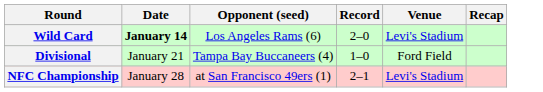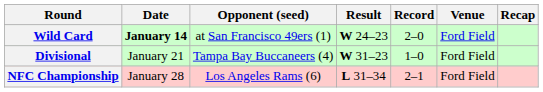 <table class="wikitable" style="text-align:center">
 <tr>
 <th>Round</th>
 <th>Date</th>
 <th>Opponent (seed)</th>
+<th>Result</th>
 <th>Record</th>
 <th>Venue</th>
 <th>Recap</th>
 </tr>
 <tr style="background:#cfc">
 <th><a href='#'>Wild Card</a></th>
 <td><strong>January 14</strong></td>
-<td><a href='#'>Los Angeles Rams</a> (6)</td>
+<td>at <a href='#'>San Francisco 49ers</a> (1)</td>
+<td><strong>W</strong> 24–23</td>
 <td>2–0</td>
-<td><a href='#'>Levi's Stadium</a></td>
+<td><a href='#'>Ford Field</a></td>
 <td></td>
 </tr>
 <tr style="background:#cfc">
 <th><a href='#'>Divisional</a></th>
 <td>January 21</td>
 <td><a href='#'>Tampa Bay Buccaneers</a> (4)</td>
+<td><strong>W</strong> 31–23</td>
 <td>1–0</td>
 <td>Ford Field</td>
 <td></td>
 </tr>
 <tr style="background:#fcc">
 <th><a href='#'>NFC Championship</a></th>
 <td>January 28</td>
-<td>at <a href='#'>San Francisco 49ers</a> (1)</td>
+<td><a href='#'>Los Angeles Rams</a> (6)</td>
+<td><strong>L</strong> 31–34</td>
 <td>2–1</td>
-<td><a href='#'>Levi's Stadium</a></td>
+<td>Ford Field</td>
 <td></td>
 </tr>
 </table>
